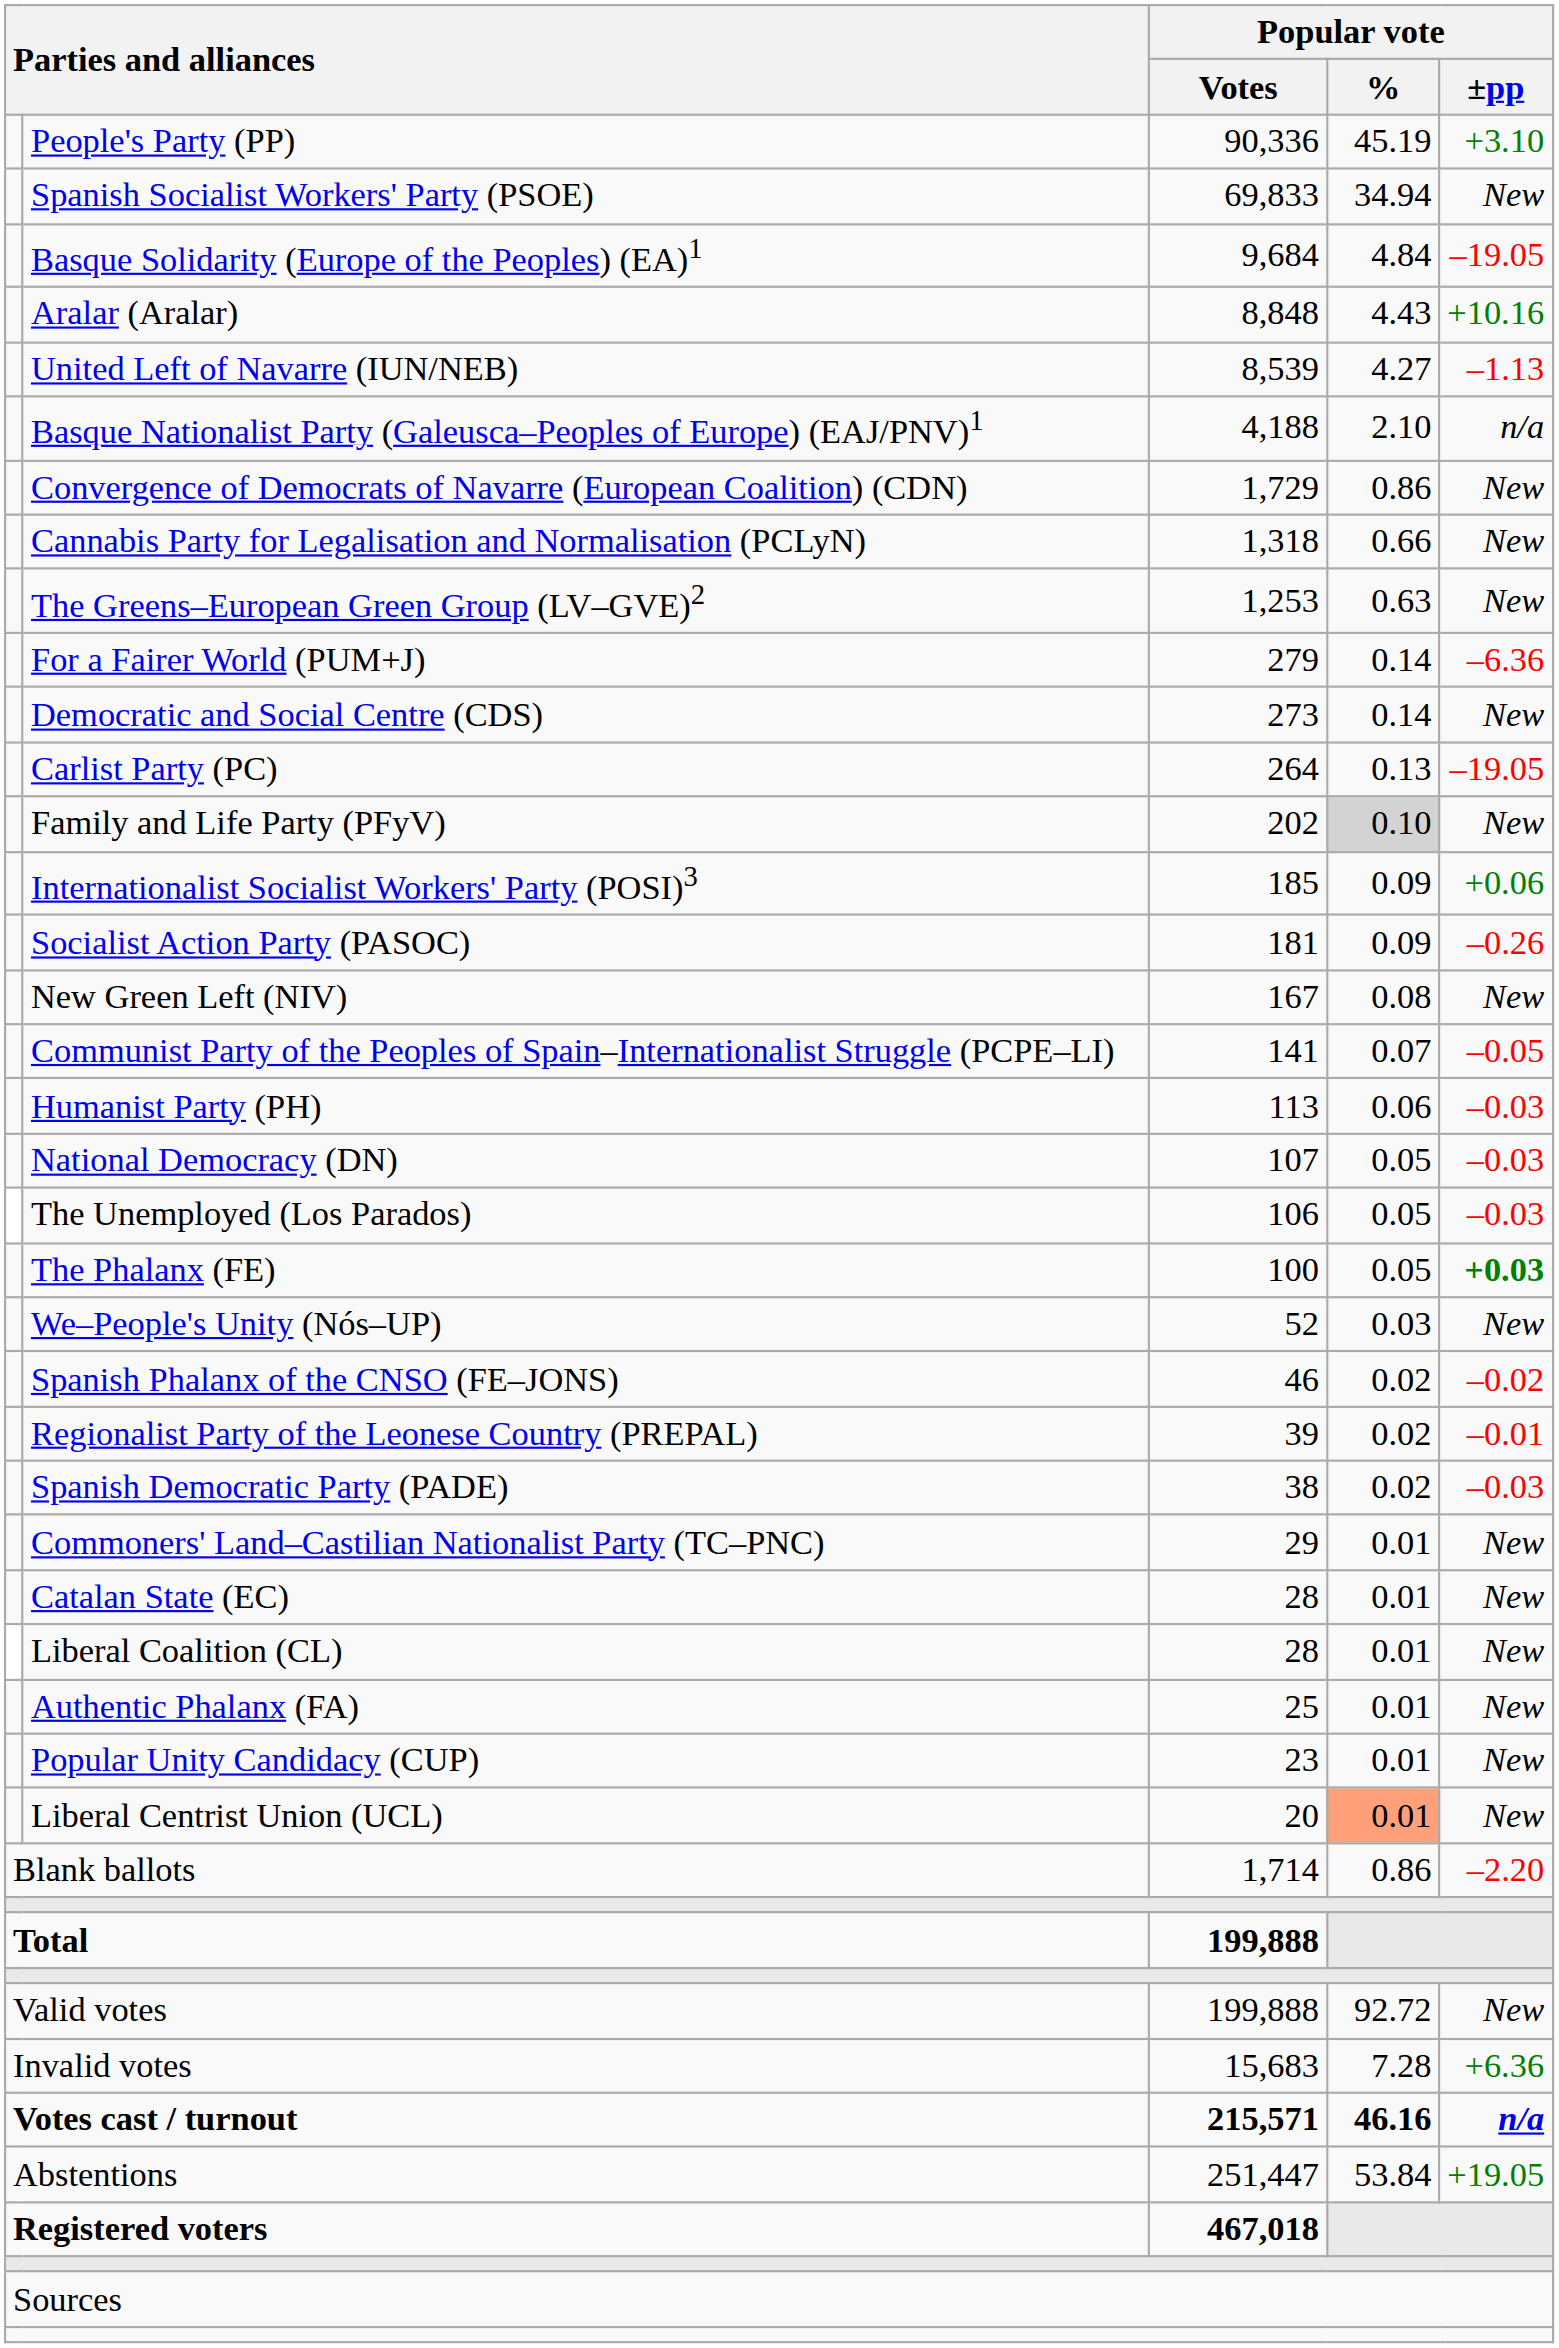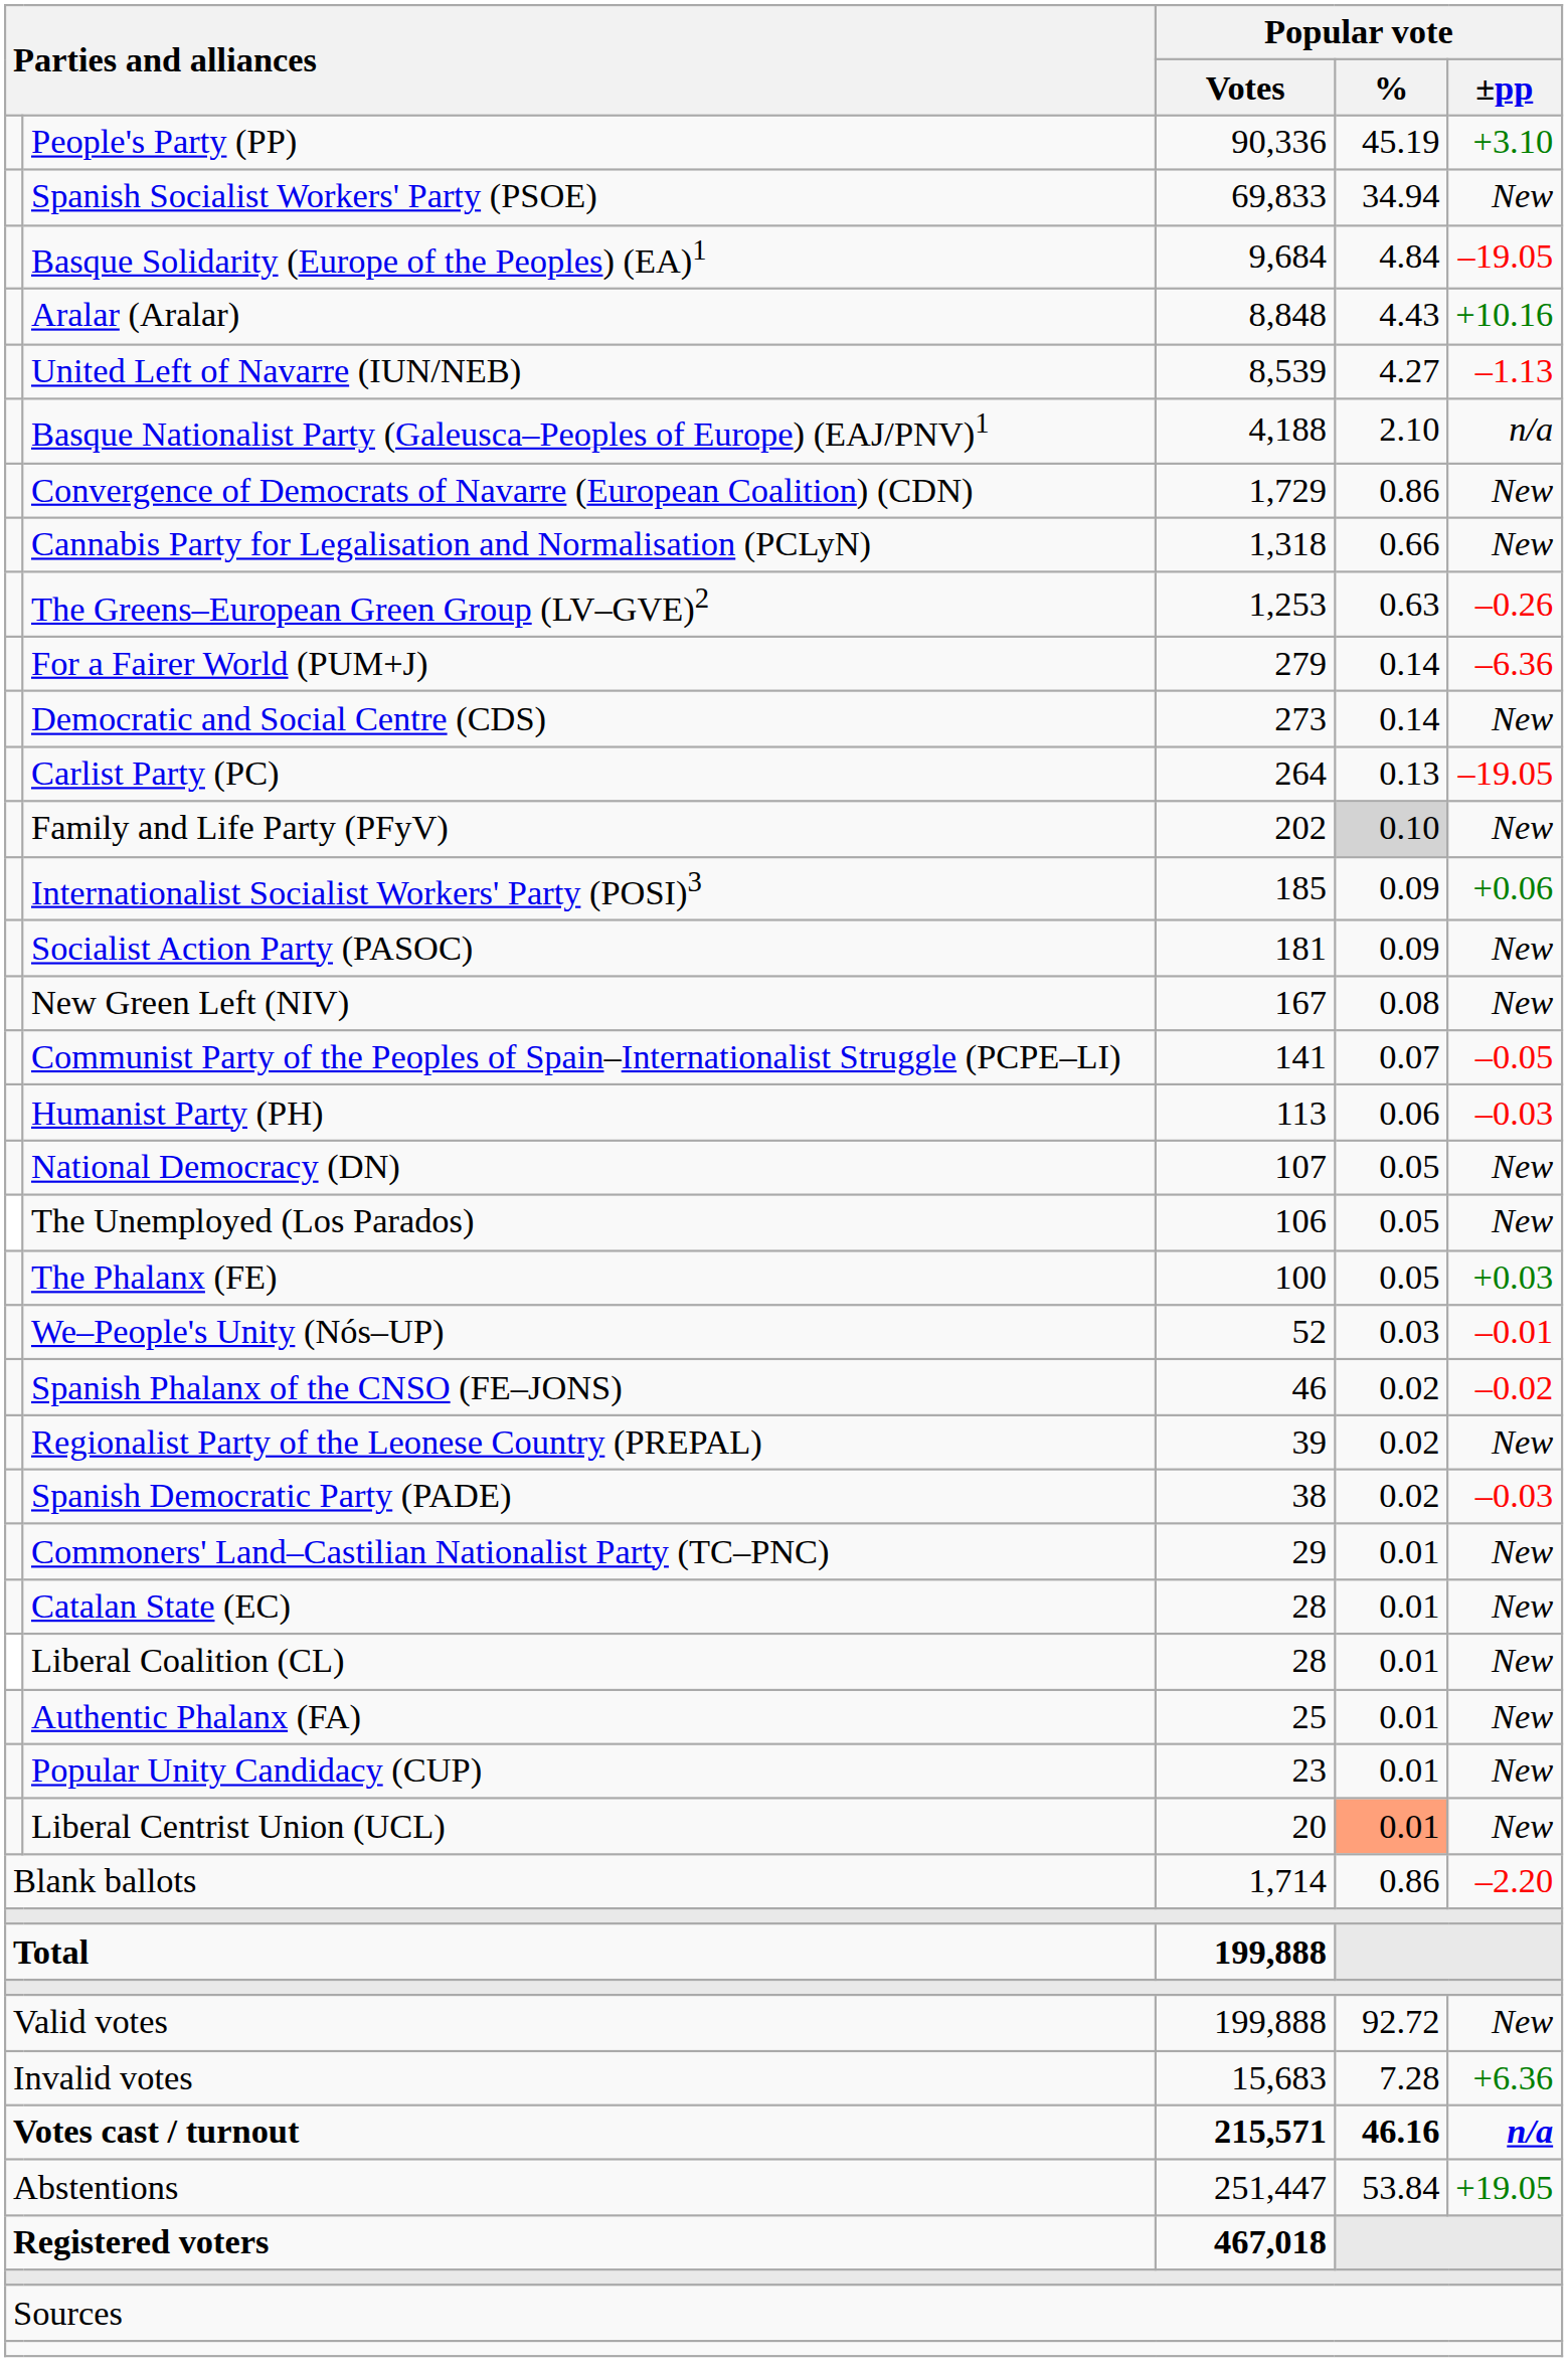 <table class="wikitable" style="text-align:right">
 <tr>
 <th style="text-align:left;" rowspan="2" colspan="2" width="525">Parties and alliances</th>
 <th colspan="3">Popular vote</th>
 </tr>
 <tr>
 <th width="75">Votes</th>
 <th width="45">%</th>
 <th width="45">±<a href='#'>pp</a></th>
 </tr>
 <tr>
 <td width="1" style="color:inherit;background:"></td>
 <td align="left"><a href='#'>People's Party</a> (PP)</td>
 <td>90,336</td>
 <td>45.19</td>
 <td style="color:green;">+3.10</td>
 </tr>
 <tr>
 <td style="color:inherit;background:"></td>
 <td align="left"><a href='#'>Spanish Socialist Workers' Party</a> (PSOE)</td>
 <td>69,833</td>
 <td>34.94</td>
 <td><em>New</em></td>
 </tr>
 <tr>
 <td style="color:inherit;background:"></td>
 <td align="left"><a href='#'>Basque Solidarity</a> (<a href='#'>Europe of the Peoples</a>) (EA)<sup>1</sup></td>
 <td>9,684</td>
 <td>4.84</td>
 <td style="color:red;">–19.05</td>
 </tr>
 <tr>
 <td style="color:inherit;background:"></td>
 <td align="left"><a href='#'>Aralar</a> (Aralar)</td>
 <td>8,848</td>
 <td>4.43</td>
 <td style="color:green;">+10.16</td>
 </tr>
 <tr>
 <td style="color:inherit;background:"></td>
 <td align="left"><a href='#'>United Left of Navarre</a> (IUN/NEB)</td>
 <td>8,539</td>
 <td>4.27</td>
 <td style="color:red;">–1.13</td>
 </tr>
 <tr>
 <td style="color:inherit;background:"></td>
 <td align="left"><a href='#'>Basque Nationalist Party</a> (<a href='#'>Galeusca–Peoples of Europe</a>) (EAJ/PNV)<sup>1</sup></td>
 <td>4,188</td>
 <td>2.10</td>
 <td><em>n/a</em></td>
 </tr>
 <tr>
 <td style="color:inherit;background:"></td>
 <td align="left"><a href='#'>Convergence of Democrats of Navarre</a> (<a href='#'>European Coalition</a>) (CDN)</td>
 <td>1,729</td>
 <td>0.86</td>
 <td><em>New</em></td>
 </tr>
 <tr>
 <td style="color:inherit;background:"></td>
 <td align="left"><a href='#'>Cannabis Party for Legalisation and Normalisation</a> (PCLyN)</td>
 <td>1,318</td>
 <td>0.66</td>
 <td><em>New</em></td>
 </tr>
 <tr>
 <td style="color:inherit;background:"></td>
 <td align="left"><a href='#'>The Greens–European Green Group</a> (LV–GVE)<sup>2</sup></td>
 <td>1,253</td>
 <td>0.63</td>
-<td><em>New</em></td>
+<td style="color:red;">–0.26</td>
 </tr>
 <tr>
 <td style="color:inherit;background:"></td>
 <td align="left"><a href='#'>For a Fairer World</a> (PUM+J)</td>
 <td>279</td>
 <td>0.14</td>
 <td style="color:red;">–6.36</td>
 </tr>
 <tr>
 <td style="color:inherit;background:"></td>
 <td align="left"><a href='#'>Democratic and Social Centre</a> (CDS)</td>
 <td>273</td>
 <td>0.14</td>
 <td><em>New</em></td>
 </tr>
 <tr>
 <td style="color:inherit;background:"></td>
 <td align="left"><a href='#'>Carlist Party</a> (PC)</td>
 <td>264</td>
 <td>0.13</td>
 <td style="color:red;">–19.05</td>
 </tr>
 <tr>
 <td style="color:inherit;background:"></td>
 <td align="left">Family and Life Party (PFyV)</td>
 <td>202</td>
 <td style="background: lightgrey;">0.10</td>
 <td><em>New</em></td>
 </tr>
 <tr>
 <td style="color:inherit;background:"></td>
 <td align="left"><a href='#'>Internationalist Socialist Workers' Party</a> (POSI)<sup>3</sup></td>
 <td>185</td>
 <td>0.09</td>
 <td style="color:green;">+0.06</td>
 </tr>
 <tr>
 <td style="color:inherit;background:"></td>
 <td align="left"><a href='#'>Socialist Action Party</a> (PASOC)</td>
 <td>181</td>
 <td>0.09</td>
-<td style="color:red;">–0.26</td>
+<td><em>New</em></td>
 </tr>
 <tr>
 <td style="color:inherit;background:"></td>
 <td align="left">New Green Left (NIV)</td>
 <td>167</td>
 <td>0.08</td>
 <td><em>New</em></td>
 </tr>
 <tr>
 <td style="color:inherit;background:"></td>
 <td align="left"><a href='#'>Communist Party of the Peoples of Spain</a>–<a href='#'>Internationalist Struggle</a> (PCPE–LI)</td>
 <td>141</td>
 <td>0.07</td>
 <td style="color:red;">–0.05</td>
 </tr>
 <tr>
 <td style="color:inherit;background:"></td>
 <td align="left"><a href='#'>Humanist Party</a> (PH)</td>
 <td>113</td>
 <td>0.06</td>
 <td style="color:red;">–0.03</td>
 </tr>
 <tr>
 <td style="color:inherit;background:"></td>
 <td align="left"><a href='#'>National Democracy</a> (DN)</td>
 <td>107</td>
 <td>0.05</td>
-<td style="color:red;">–0.03</td>
+<td><em>New</em></td>
 </tr>
 <tr>
 <td bgcolor="white"></td>
 <td align="left">The Unemployed (Los Parados)</td>
 <td>106</td>
 <td>0.05</td>
-<td style="color:red;">–0.03</td>
+<td><em>New</em></td>
 </tr>
 <tr>
 <td style="color:inherit;background:"></td>
 <td align="left"><a href='#'>The Phalanx</a> (FE)</td>
 <td>100</td>
 <td>0.05</td>
-<td style="color:green;"><strong>+0.03</strong></td>
+<td style="color:green;">+0.03</td>
 </tr>
 <tr>
 <td style="color:inherit;background:"></td>
 <td align="left"><a href='#'>We–People's Unity</a> (Nós–UP)</td>
 <td>52</td>
 <td>0.03</td>
-<td><em>New</em></td>
+<td style="color:red;">–0.01</td>
 </tr>
 <tr>
 <td style="color:inherit;background:"></td>
 <td align="left"><a href='#'>Spanish Phalanx of the CNSO</a> (FE–JONS)</td>
 <td>46</td>
 <td>0.02</td>
 <td style="color:red;">–0.02</td>
 </tr>
 <tr>
 <td style="color:inherit;background:"></td>
 <td align="left"><a href='#'>Regionalist Party of the Leonese Country</a> (PREPAL)</td>
 <td>39</td>
 <td>0.02</td>
-<td style="color:red;">–0.01</td>
+<td><em>New</em></td>
 </tr>
 <tr>
 <td style="color:inherit;background:"></td>
 <td align="left"><a href='#'>Spanish Democratic Party</a> (PADE)</td>
 <td>38</td>
 <td>0.02</td>
 <td style="color:red;">–0.03</td>
 </tr>
 <tr>
 <td style="color:inherit;background:"></td>
 <td align="left"><a href='#'>Commoners' Land–Castilian Nationalist Party</a> (TC–PNC)</td>
 <td>29</td>
 <td>0.01</td>
 <td><em>New</em></td>
 </tr>
 <tr>
 <td style="color:inherit;background:"></td>
 <td align="left"><a href='#'>Catalan State</a> (EC)</td>
 <td>28</td>
 <td>0.01</td>
 <td><em>New</em></td>
 </tr>
 <tr>
 <td bgcolor="white"></td>
 <td align="left">Liberal Coalition (CL)</td>
 <td>28</td>
 <td>0.01</td>
 <td><em>New</em></td>
 </tr>
 <tr>
 <td style="color:inherit;background:"></td>
 <td align="left"><a href='#'>Authentic Phalanx</a> (FA)</td>
 <td>25</td>
 <td>0.01</td>
 <td><em>New</em></td>
 </tr>
 <tr>
 <td style="color:inherit;background:"></td>
 <td align="left"><a href='#'>Popular Unity Candidacy</a> (CUP)</td>
 <td>23</td>
 <td>0.01</td>
 <td><em>New</em></td>
 </tr>
 <tr>
 <td style="color:inherit;background:"></td>
 <td align="left">Liberal Centrist Union (UCL)</td>
 <td>20</td>
 <td style="background: lightsalmon;">0.01</td>
 <td><em>New</em></td>
 </tr>
 <tr>
 <td align="left" colspan="2">Blank ballots</td>
 <td>1,714</td>
 <td>0.86</td>
 <td style="color:red;">–2.20</td>
 </tr>
 <tr>
 <td colspan="5" bgcolor="#E9E9E9"></td>
 </tr>
 <tr style="font-weight:bold;">
 <td align="left" colspan="2">Total</td>
 <td>199,888</td>
 <td bgcolor="#E9E9E9" colspan="2"></td>
 </tr>
 <tr>
 <td colspan="5" bgcolor="#E9E9E9"></td>
 </tr>
 <tr>
 <td align="left" colspan="2">Valid votes</td>
 <td>199,888</td>
 <td>92.72</td>
 <td><em>New</em></td>
 </tr>
 <tr>
 <td align="left" colspan="2">Invalid votes</td>
 <td>15,683</td>
 <td>7.28</td>
 <td style="color:green;">+6.36</td>
 </tr>
 <tr style="font-weight:bold;">
 <td align="left" colspan="2">Votes cast / turnout</td>
 <td>215,571</td>
 <td>46.16</td>
 <td><em><a href='#'>n/a</a></em></td>
 </tr>
 <tr>
 <td align="left" colspan="2">Abstentions</td>
 <td>251,447</td>
 <td>53.84</td>
 <td style="color:green;">+19.05</td>
 </tr>
 <tr style="font-weight:bold;">
 <td align="left" colspan="2">Registered voters</td>
 <td>467,018</td>
 <td bgcolor="#E9E9E9" colspan="2"></td>
 </tr>
 <tr>
 <td colspan="5" bgcolor="#E9E9E9"></td>
 </tr>
 <tr>
 <td align="left" colspan="5">Sources</td>
 </tr>
 <tr>
 <td colspan="5" style="text-align:left; max-width:680px;"></td>
 </tr>
 </table>
